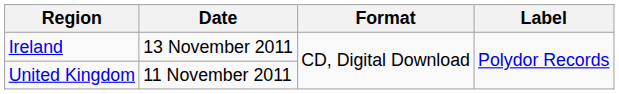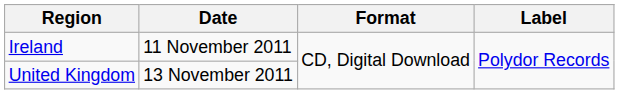 <table class=wikitable>
 <tr>
 <th>Region</th>
 <th>Date</th>
 <th>Format</th>
 <th>Label</th>
 </tr>
 <tr>
 <td><a href='#'>Ireland</a></td>
-<td>13 November 2011</td>
+<td>11 November 2011</td>
 <td rowspan="2">CD, Digital Download</td>
 <td rowspan="2"><a href='#'>Polydor Records</a></td>
 </tr>
 <tr>
 <td><a href='#'>United Kingdom</a></td>
-<td>11 November 2011</td>
+<td>13 November 2011</td>
 </tr>
 </table>
